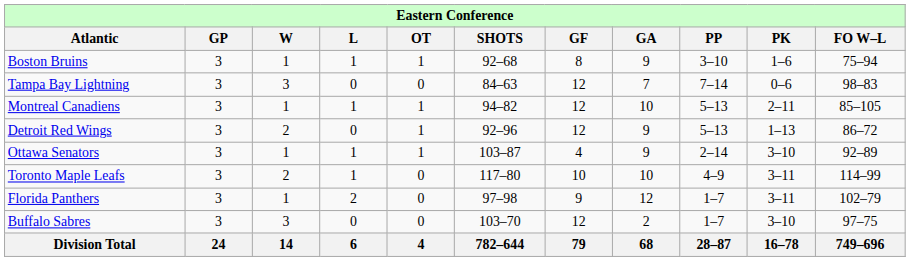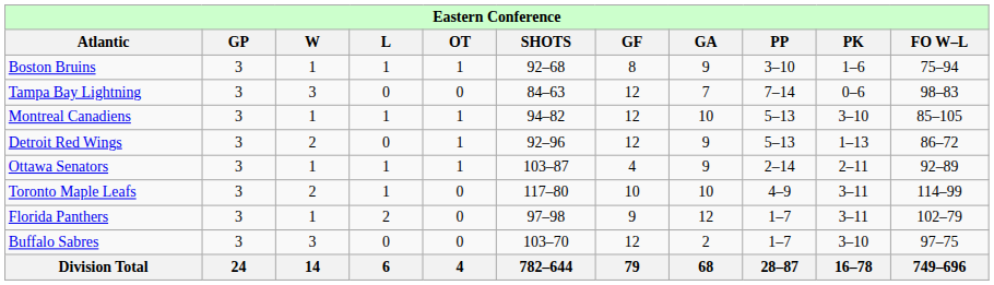 <table class="wikitable" style="text-align:center; width:65em; font-size:85%;">
 <tr style="background:#cfc; font-weight:bold;">
 <td colspan=11>Eastern Conference</td>
 </tr>
 <tr>
 <th width="20%">Atlantic</th>
 <th width="7.5%">GP</th>
 <th width="7.5%">W</th>
 <th width="7.5%">L</th>
 <th width="7.5%">OT</th>
 <th width="10%">SHOTS</th>
 <th width="7.5%">GF</th>
 <th width="7.5%">GA</th>
 <th width="7.5%">PP</th>
 <th width="7.5%">PK</th>
 <th width="10%">FO W–L</th>
 </tr>
 <tr>
 <td align=left><a href='#'>Boston Bruins</a></td>
 <td>3</td>
 <td>1</td>
 <td>1</td>
 <td>1</td>
 <td>92–68</td>
 <td>8</td>
 <td>9</td>
 <td>3–10</td>
 <td>1–6</td>
 <td>75–94</td>
 </tr>
 <tr>
 <td align=left><a href='#'>Tampa Bay Lightning</a></td>
 <td>3</td>
 <td>3</td>
 <td>0</td>
 <td>0</td>
 <td>84–63</td>
 <td>12</td>
 <td>7</td>
 <td>7–14</td>
 <td>0–6</td>
 <td>98–83</td>
 </tr>
 <tr>
 <td align=left><a href='#'>Montreal Canadiens</a></td>
 <td>3</td>
 <td>1</td>
 <td>1</td>
 <td>1</td>
 <td>94–82</td>
 <td>12</td>
 <td>10</td>
 <td>5–13</td>
-<td>2–11</td>
+<td>3–10</td>
 <td>85–105</td>
 </tr>
 <tr>
 <td align=left><a href='#'>Detroit Red Wings</a></td>
 <td>3</td>
 <td>2</td>
 <td>0</td>
 <td>1</td>
 <td>92–96</td>
 <td>12</td>
 <td>9</td>
 <td>5–13</td>
 <td>1–13</td>
 <td>86–72</td>
 </tr>
 <tr>
 <td align=left><a href='#'>Ottawa Senators</a></td>
 <td>3</td>
 <td>1</td>
 <td>1</td>
 <td>1</td>
 <td>103–87</td>
 <td>4</td>
 <td>9</td>
 <td>2–14</td>
-<td>3–10</td>
+<td>2–11</td>
 <td>92–89</td>
 </tr>
 <tr>
 <td align=left><a href='#'>Toronto Maple Leafs</a></td>
 <td>3</td>
 <td>2</td>
 <td>1</td>
 <td>0</td>
 <td>117–80</td>
 <td>10</td>
 <td>10</td>
 <td>4–9</td>
 <td>3–11</td>
 <td>114–99</td>
 </tr>
 <tr>
 <td align=left><a href='#'>Florida Panthers</a></td>
 <td>3</td>
 <td>1</td>
 <td>2</td>
 <td>0</td>
 <td>97–98</td>
 <td>9</td>
 <td>12</td>
 <td>1–7</td>
 <td>3–11</td>
 <td>102–79</td>
 </tr>
 <tr>
 <td align=left><a href='#'>Buffalo Sabres</a></td>
 <td>3</td>
 <td>3</td>
 <td>0</td>
 <td>0</td>
 <td>103–70</td>
 <td>12</td>
 <td>2</td>
 <td>1–7</td>
 <td>3–10</td>
 <td>97–75</td>
 </tr>
 <tr>
 <th>Division Total</th>
 <th>24</th>
 <th>14</th>
 <th>6</th>
 <th>4</th>
 <th>782–644</th>
 <th>79</th>
 <th>68</th>
 <th>28–87</th>
 <th>16–78</th>
 <th>749–696</th>
 </tr>
 </table>
